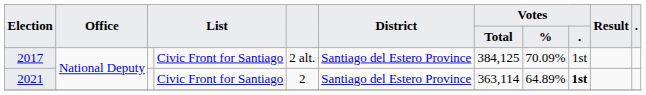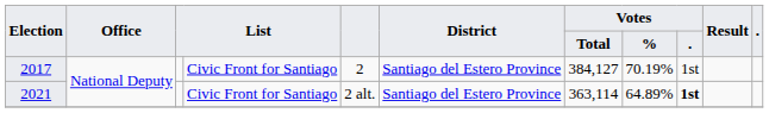 <table class="wikitable" style="font-size:90%; text-align:center;">
 <tr>
 <th style="background-color:#EAECF0;" rowspan=2>Election</th>
 <th style="background-color:#EAECF0;" rowspan=2>Office</th>
 <th style="background-color:#EAECF0;" colspan=2 rowspan=2>List</th>
 <th style="background-color:#EAECF0;" rowspan=2></th>
 <th style="background-color:#EAECF0;" rowspan=2>District</th>
 <th style="background-color:#EAECF0;" colspan=3>Votes</th>
 <th style="background-color:#EAECF0;" rowspan=2>Result</th>
 <th style="background-color:#EAECF0;" rowspan=2>.</th>
 </tr>
 <tr>
 <th style="background-color:#EAECF0;">Total</th>
 <th style="background-color:#EAECF0;">%</th>
 <th style="background-color:#EAECF0;">.</th>
 </tr>
 <tr>
 <td style="background-color:#EAECF0;"><a href='#'>2017</a></td>
 <td rowspan="2"><a href='#'>National Deputy</a></td>
 <td style="background-color:"></td>
 <td><a href='#'>Civic Front for Santiago</a></td>
-<td>2 alt.</td>
+<td>2</td>
 <td><a href='#'>Santiago del Estero Province</a></td>
-<td>384,125</td>
-<td>70.09%</td>
+<td>384,127</td>
+<td>70.19%</td>
 <td>1st</td>
 <td></td>
 <td></td>
 </tr>
 <tr>
 <td style="background-color:#EAECF0;"><a href='#'>2021</a></td>
 <td style="background-color:"></td>
 <td><a href='#'>Civic Front for Santiago</a></td>
-<td>2</td>
+<td>2 alt.</td>
 <td><a href='#'>Santiago del Estero Province</a></td>
 <td>363,114</td>
 <td>64.89%</td>
 <td><strong>1st</strong></td>
 <td></td>
 <td></td>
 </tr>
 <tr>
 </tr>
 </table>
